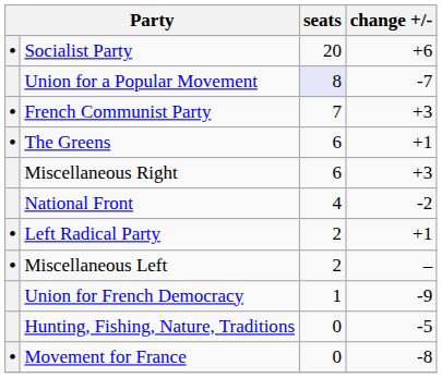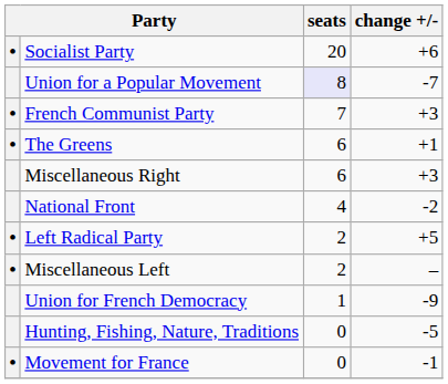 <table class="wikitable" style="font-size: 95%;">
 <tr>
 <th colspan=2>Party</th>
 <th>seats</th>
 <th>change +/-</th>
 </tr>
 <tr>
 <th style="background-color: "><span>•</span></th>
 <td><a href='#'>Socialist Party</a></td>
 <td align="right">20</td>
 <td align="right">+6</td>
 </tr>
 <tr>
 <th style="background-color: "></th>
 <td><a href='#'>Union for a Popular Movement</a></td>
 <td align="right" style="background: lavender;">8</td>
 <td align="right">-7</td>
 </tr>
 <tr>
 <th style="background-color: "><span>•</span></th>
 <td><a href='#'>French Communist Party</a></td>
 <td align="right">7</td>
 <td align="right">+3</td>
 </tr>
 <tr>
 <th style="background-color: "><span>•</span></th>
 <td><a href='#'>The Greens</a></td>
 <td align="right">6</td>
 <td align="right">+1</td>
 </tr>
 <tr>
 <th style="background-color: "></th>
 <td>Miscellaneous Right</td>
 <td align="right">6</td>
 <td align="right">+3</td>
 </tr>
 <tr>
 <th style="background-color: "></th>
 <td><a href='#'>National Front</a></td>
 <td align="right">4</td>
 <td align="right">-2</td>
 </tr>
 <tr>
 <th style="background-color: "><span>•</span></th>
 <td><a href='#'>Left Radical Party</a></td>
 <td align="right">2</td>
-<td align="right">+1</td>
+<td align="right">+5</td>
 </tr>
 <tr>
 <th style="background-color: "><span>•</span></th>
 <td>Miscellaneous Left</td>
 <td align="right">2</td>
 <td align="right">–</td>
 </tr>
 <tr>
 <th style="background-color: "></th>
 <td><a href='#'>Union for French Democracy</a></td>
 <td align="right">1</td>
 <td align="right">-9</td>
 </tr>
 <tr>
 <th style="background-color: "></th>
 <td><a href='#'>Hunting, Fishing, Nature, Traditions</a></td>
 <td align="right">0</td>
 <td align="right">-5</td>
 </tr>
 <tr>
 <th style="background-color: "><span>•</span></th>
 <td><a href='#'>Movement for France</a></td>
 <td align="right">0</td>
-<td align="right">-8</td>
+<td align="right">-1</td>
 </tr>
 <tr>
 </tr>
 </table>
